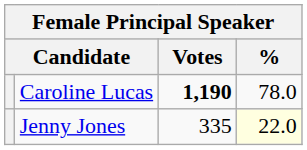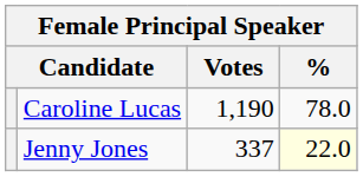 <table class="wikitable">
 <tr>
 <th colspan="4">Female Principal Speaker</th>
 </tr>
 <tr style="background:#e9e9e9;">
 <th colspan="2">Candidate</th>
 <th style="width: 50px">Votes</th>
 <th style="width: 40px">%</th>
 </tr>
 <tr>
 <th style="background-color: "></th>
 <td><a href='#'>Caroline Lucas</a></td>
-<td style="text-align:right;"><strong>1,190</strong></td>
+<td style="text-align:right;">1,190</td>
 <td style="text-align:right;">78.0</td>
 </tr>
 <tr>
 <th style="background-color: "></th>
 <td><a href='#'>Jenny Jones</a></td>
-<td style="text-align:right;">335</td>
+<td style="text-align:right;">337</td>
 <td style="background: lightyellow; text-align:right;">22.0</td>
 </tr>
 </table>
